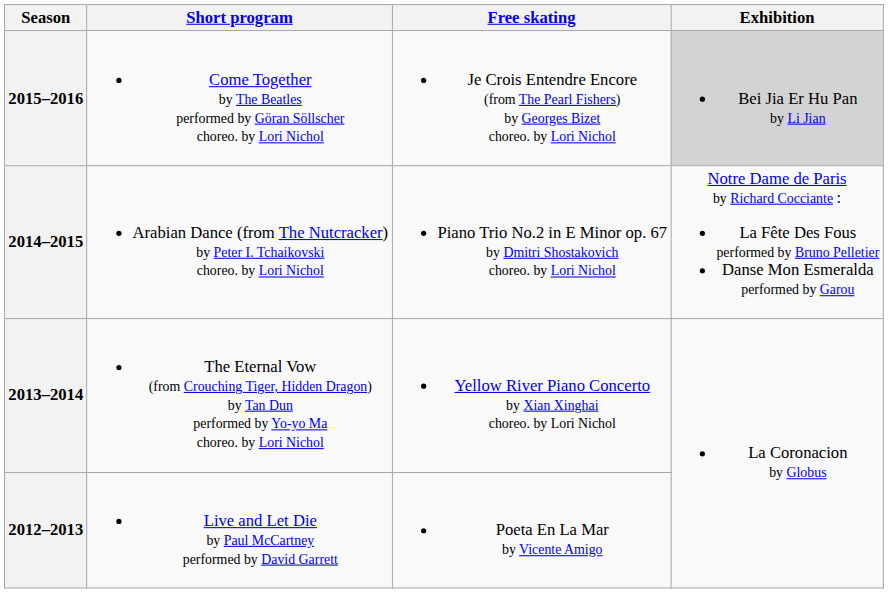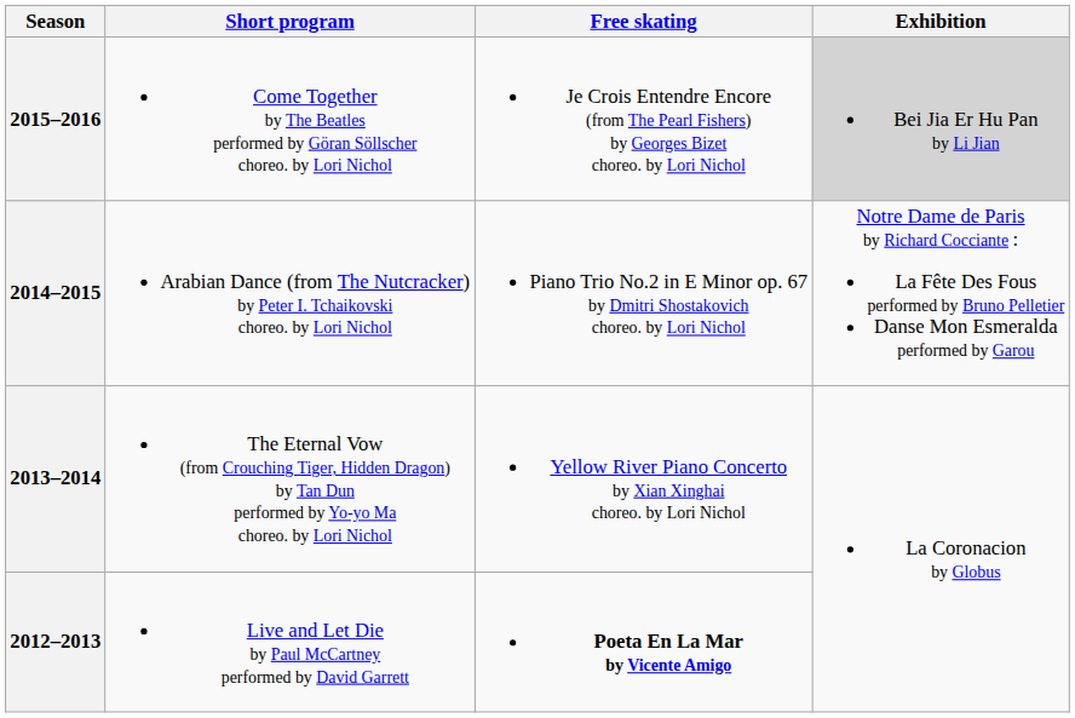 <table class="wikitable" style="text-align:center">
 <tr>
 <th>Season</th>
 <th><a href='#'>Short program</a></th>
 <th><a href='#'>Free skating</a></th>
 <th>Exhibition</th>
 </tr>
 <tr>
 <th>2015–2016 <br> </th>
 <td><br><ul><li><a href='#'>Come Together</a> <br><small> by <a href='#'>The Beatles</a> <br> performed by <a href='#'>Göran Söllscher</a> <br> choreo. by <a href='#'>Lori Nichol</a> </small></li></ul></td>
 <td><br><ul><li>Je Crois Entendre Encore <br><small> (from <a href='#'>The Pearl Fishers</a>) <br> by <a href='#'>Georges Bizet</a> <br> choreo. by <a href='#'>Lori Nichol</a></small></li></ul></td>
 <td style="background: lightgrey;"><br><ul><li>Bei Jia Er Hu Pan <br><small> by <a href='#'>Li Jian</a> </small></li></ul></td>
 </tr>
 <tr>
 <th>2014–2015 <br> </th>
 <td><br><ul><li>Arabian Dance (from <a href='#'>The Nutcracker</a>) <br><small> by <a href='#'>Peter I. Tchaikovski</a> <br> choreo. by <a href='#'>Lori Nichol</a> </small></li></ul></td>
 <td><br><ul><li>Piano Trio No.2 in E Minor op. 67 <br><small> by <a href='#'>Dmitri Shostakovich</a> <br> choreo. by <a href='#'>Lori Nichol</a> </small></li></ul></td>
 <td><a href='#'>Notre Dame de Paris</a> <br><small> by <a href='#'>Richard Cocciante</a> </small>:<br><ul><li>La Fête Des Fous <br><small> performed by <a href='#'>Bruno Pelletier</a> </small></li><li>Danse Mon Esmeralda <br><small> performed by <a href='#'>Garou</a> </small></li></ul></td>
 </tr>
 <tr>
 <th>2013–2014 <br> </th>
 <td><br><ul><li>The Eternal Vow <br><small> (from <a href='#'>Crouching Tiger, Hidden Dragon</a>) <br> by <a href='#'>Tan Dun</a> <br> performed by <a href='#'>Yo-yo Ma</a> <br> choreo. by <a href='#'>Lori Nichol</a> </small></li></ul></td>
 <td><br><ul><li><a href='#'>Yellow River Piano Concerto</a> <br><small> by <a href='#'>Xian Xinghai</a> <br> choreo. by Lori Nichol </small></li></ul></td>
 <td rowspan=2><br><ul><li>La Coronacion <br><small> by <a href='#'>Globus</a> </small></li></ul></td>
 </tr>
 <tr>
 <th>2012–2013 <br> </th>
 <td><br><ul><li><a href='#'>Live and Let Die</a> <br><small> by <a href='#'>Paul McCartney</a> <br> performed by <a href='#'>David Garrett</a> </small></li></ul></td>
-<td><br><ul><li>Poeta En La Mar <br><small> by <a href='#'>Vicente Amigo</a> </small></li></ul></td>
+<td><strong><br><ul><li>Poeta En La Mar <br><small> by <a href='#'>Vicente Amigo</a> </small></li></ul></strong></td>
 </tr>
 </table>
